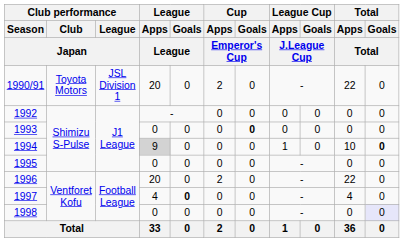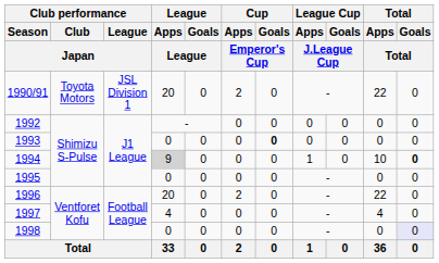 <table class="wikitable" style="text-align:center;">
 <tr>
 <th colspan=3>Club performance</th>
 <th colspan=2>League</th>
 <th colspan=2>Cup</th>
 <th colspan=2>League Cup</th>
 <th colspan=2>Total</th>
 </tr>
 <tr>
 <th>Season</th>
 <th>Club</th>
 <th>League</th>
 <th>Apps</th>
 <th>Goals</th>
 <th>Apps</th>
 <th>Goals</th>
 <th>Apps</th>
 <th>Goals</th>
 <th>Apps</th>
 <th>Goals</th>
 </tr>
 <tr>
 <th colspan=3>Japan</th>
 <th colspan=2>League</th>
 <th colspan=2><a href='#'>Emperor's Cup</a></th>
 <th colspan=2><a href='#'>J.League Cup</a></th>
 <th colspan=2>Total</th>
 </tr>
 <tr>
 <td><a href='#'>1990/91</a></td>
 <td><a href='#'>Toyota Motors</a></td>
 <td><a href='#'>JSL Division 1</a></td>
 <td>20</td>
 <td>0</td>
 <td>2</td>
 <td>0</td>
 <td colspan="2">-</td>
 <td>22</td>
 <td>0</td>
 </tr>
 <tr>
 <td><a href='#'>1992</a></td>
 <td rowspan="4"><a href='#'>Shimizu S-Pulse</a></td>
 <td rowspan="4"><a href='#'>J1 League</a></td>
 <td colspan="2">-</td>
 <td>0</td>
 <td>0</td>
 <td>0</td>
 <td>0</td>
 <td>0</td>
 <td>0</td>
 </tr>
 <tr>
 <td><a href='#'>1993</a></td>
 <td>0</td>
 <td>0</td>
 <td>0</td>
 <td><strong>0</strong></td>
 <td>0</td>
 <td>0</td>
 <td>0</td>
 <td>0</td>
 </tr>
 <tr>
 <td><a href='#'>1994</a></td>
 <td style="background: lightgrey;">9</td>
 <td>0</td>
 <td>0</td>
 <td>0</td>
 <td>1</td>
 <td>0</td>
 <td>10</td>
 <td><strong>0</strong></td>
 </tr>
 <tr>
 <td><a href='#'>1995</a></td>
 <td>0</td>
 <td>0</td>
 <td>0</td>
 <td>0</td>
 <td colspan="2">-</td>
 <td>0</td>
 <td>0</td>
 </tr>
 <tr>
 <td><a href='#'>1996</a></td>
 <td rowspan="3"><a href='#'>Ventforet Kofu</a></td>
 <td rowspan="3"><a href='#'>Football League</a></td>
 <td>20</td>
 <td>0</td>
 <td>2</td>
 <td>0</td>
 <td colspan="2">-</td>
 <td>22</td>
 <td>0</td>
 </tr>
 <tr>
 <td><a href='#'>1997</a></td>
 <td>4</td>
-<td><strong>0</strong></td>
+<td>0</td>
 <td>0</td>
 <td>0</td>
 <td colspan="2">-</td>
 <td>4</td>
 <td>0</td>
 </tr>
 <tr>
 <td><a href='#'>1998</a></td>
 <td>0</td>
 <td>0</td>
 <td>0</td>
 <td>0</td>
 <td colspan="2">-</td>
 <td>0</td>
 <td style="background: lavender;">0</td>
 </tr>
 <tr>
 <th colspan=3>Total</th>
 <th>33</th>
 <th>0</th>
 <th>2</th>
 <th>0</th>
 <th>1</th>
 <th>0</th>
 <th>36</th>
 <th>0</th>
 </tr>
 </table>
